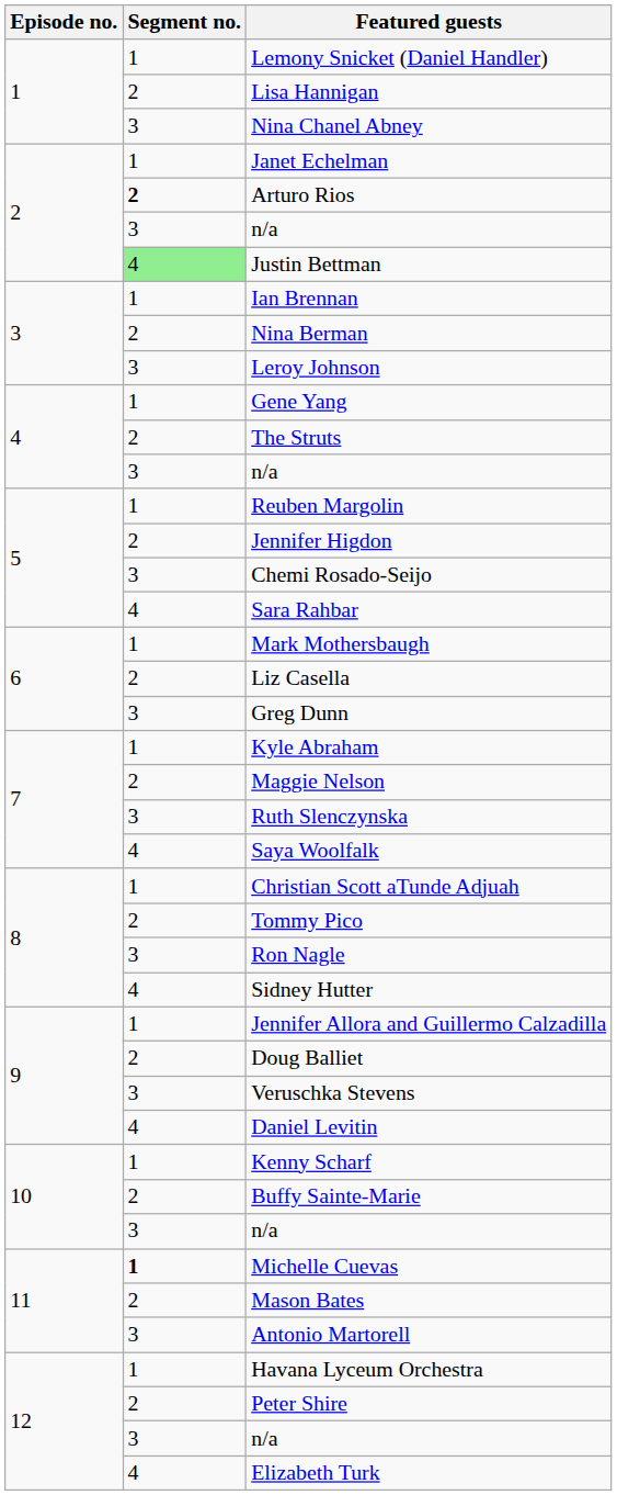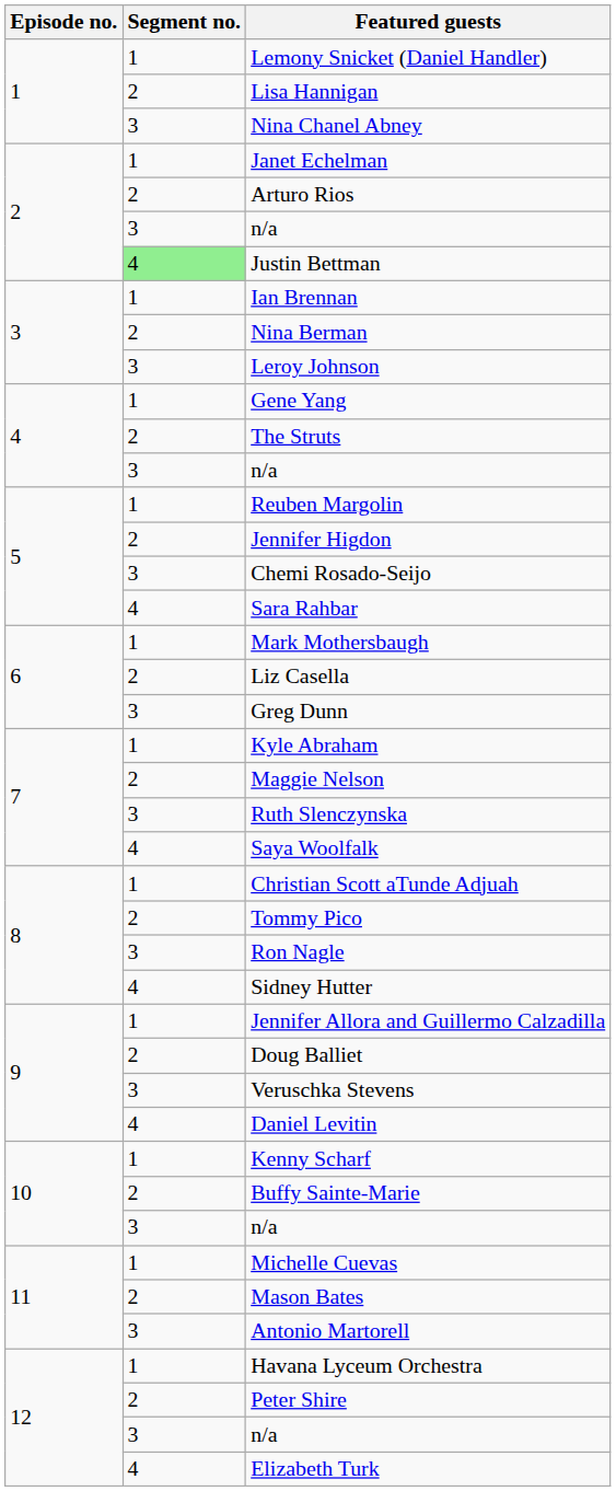 <table class="wikitable sortable">
 <tr>
 <th>Episode no.</th>
 <th>Segment no.</th>
 <th>Featured guests</th>
 </tr>
 <tr>
 <td rowspan="3">1</td>
 <td>1</td>
 <td><a href='#'>Lemony Snicket</a> (<a href='#'>Daniel Handler</a>)</td>
 </tr>
 <tr>
 <td>2</td>
 <td><a href='#'>Lisa Hannigan</a></td>
 </tr>
 <tr>
 <td>3</td>
 <td><a href='#'>Nina Chanel Abney</a></td>
 </tr>
 <tr>
 <td rowspan="4">2</td>
 <td>1</td>
 <td><a href='#'>Janet Echelman</a></td>
 </tr>
 <tr>
-<td><strong>2</strong></td>
+<td>2</td>
 <td>Arturo Rios</td>
 </tr>
 <tr>
 <td>3</td>
 <td>n/a</td>
 </tr>
 <tr>
 <td style="background: lightgreen;">4</td>
 <td>Justin Bettman</td>
 </tr>
 <tr>
 <td rowspan="3">3</td>
 <td>1</td>
 <td><a href='#'>Ian Brennan</a></td>
 </tr>
 <tr>
 <td>2</td>
 <td><a href='#'>Nina Berman</a></td>
 </tr>
 <tr>
 <td>3</td>
 <td><a href='#'>Leroy Johnson</a></td>
 </tr>
 <tr>
 <td rowspan="3">4</td>
 <td>1</td>
 <td><a href='#'>Gene Yang</a></td>
 </tr>
 <tr>
 <td>2</td>
 <td><a href='#'>The Struts</a></td>
 </tr>
 <tr>
 <td>3</td>
 <td>n/a</td>
 </tr>
 <tr>
 <td rowspan="4">5</td>
 <td>1</td>
 <td><a href='#'>Reuben Margolin</a></td>
 </tr>
 <tr>
 <td>2</td>
 <td><a href='#'>Jennifer Higdon</a></td>
 </tr>
 <tr>
 <td>3</td>
 <td>Chemi Rosado-Seijo</td>
 </tr>
 <tr>
 <td>4</td>
 <td><a href='#'>Sara Rahbar</a></td>
 </tr>
 <tr>
 <td rowspan="3">6</td>
 <td>1</td>
 <td><a href='#'>Mark Mothersbaugh</a></td>
 </tr>
 <tr>
 <td>2</td>
 <td>Liz Casella</td>
 </tr>
 <tr>
 <td>3</td>
 <td>Greg Dunn</td>
 </tr>
 <tr>
 <td rowspan="4">7</td>
 <td>1</td>
 <td><a href='#'>Kyle Abraham</a></td>
 </tr>
 <tr>
 <td>2</td>
 <td><a href='#'>Maggie Nelson</a></td>
 </tr>
 <tr>
 <td>3</td>
 <td><a href='#'>Ruth Slenczynska</a></td>
 </tr>
 <tr>
 <td>4</td>
 <td><a href='#'>Saya Woolfalk</a></td>
 </tr>
 <tr>
 <td rowspan="4">8</td>
 <td>1</td>
 <td><a href='#'>Christian Scott aTunde Adjuah</a></td>
 </tr>
 <tr>
 <td>2</td>
 <td><a href='#'>Tommy Pico</a></td>
 </tr>
 <tr>
 <td>3</td>
 <td><a href='#'>Ron Nagle</a></td>
 </tr>
 <tr>
 <td>4</td>
 <td>Sidney Hutter</td>
 </tr>
 <tr>
 <td rowspan="4">9</td>
 <td>1</td>
 <td><a href='#'>Jennifer Allora and Guillermo Calzadilla</a></td>
 </tr>
 <tr>
 <td>2</td>
 <td>Doug Balliet</td>
 </tr>
 <tr>
 <td>3</td>
 <td>Veruschka Stevens</td>
 </tr>
 <tr>
 <td>4</td>
 <td><a href='#'>Daniel Levitin</a></td>
 </tr>
 <tr>
 <td rowspan="3">10</td>
 <td>1</td>
 <td><a href='#'>Kenny Scharf</a></td>
 </tr>
 <tr>
 <td>2</td>
 <td><a href='#'>Buffy Sainte-Marie</a></td>
 </tr>
 <tr>
 <td>3</td>
 <td>n/a</td>
 </tr>
 <tr>
 <td rowspan="3">11</td>
-<td><strong>1</strong></td>
+<td>1</td>
 <td><a href='#'>Michelle Cuevas</a></td>
 </tr>
 <tr>
 <td>2</td>
 <td><a href='#'>Mason Bates</a></td>
 </tr>
 <tr>
 <td>3</td>
 <td><a href='#'>Antonio Martorell</a></td>
 </tr>
 <tr>
 <td rowspan="4">12</td>
 <td>1</td>
 <td>Havana Lyceum Orchestra</td>
 </tr>
 <tr>
 <td>2</td>
 <td><a href='#'>Peter Shire</a></td>
 </tr>
 <tr>
 <td>3</td>
 <td>n/a</td>
 </tr>
 <tr>
 <td>4</td>
 <td><a href='#'>Elizabeth Turk</a></td>
 </tr>
 </table>
